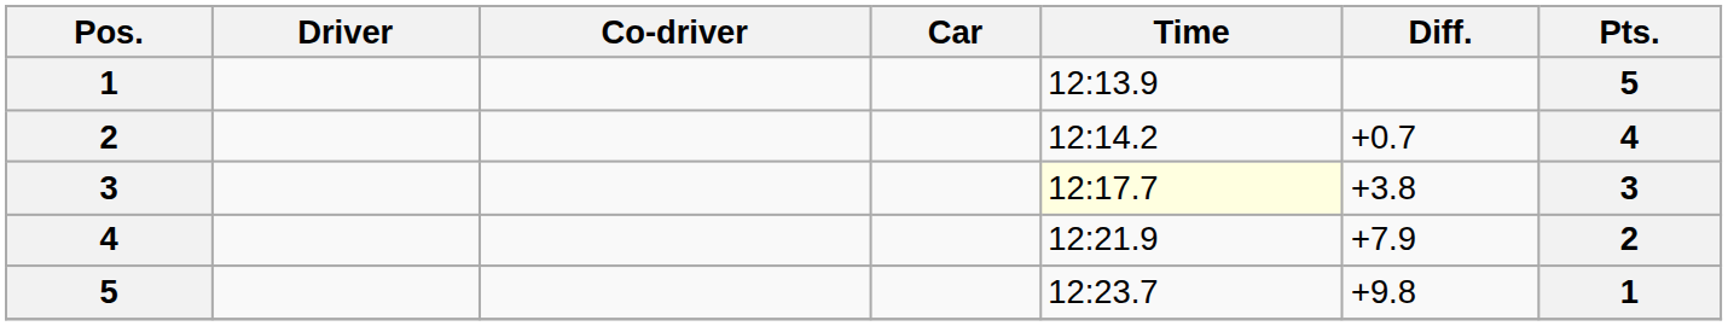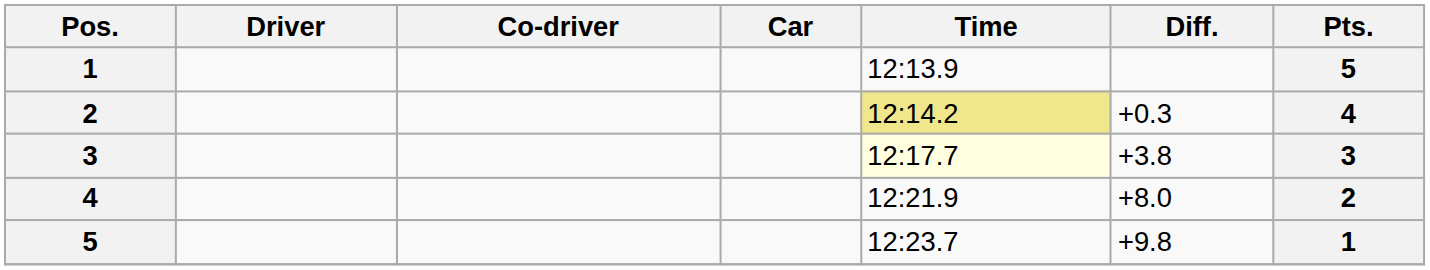 <table class="wikitable" width=80% style="font-size: 85%;">
 <tr>
 <th>Pos.</th>
 <th>Driver</th>
 <th>Co-driver</th>
 <th>Car</th>
 <th>Time</th>
 <th>Diff.</th>
 <th>Pts.</th>
 </tr>
 <tr>
 <th>1</th>
 <td></td>
 <td></td>
 <td></td>
 <td>12:13.9</td>
 <td></td>
 <th>5</th>
 </tr>
 <tr>
 <th>2</th>
 <td></td>
 <td></td>
 <td></td>
-<td>12:14.2</td>
-<td>+0.7</td>
+<td style="background: khaki;">12:14.2</td>
+<td>+0.3</td>
 <th>4</th>
 </tr>
 <tr>
 <th>3</th>
 <td></td>
 <td></td>
 <td></td>
 <td style="background: lightyellow;">12:17.7</td>
 <td>+3.8</td>
 <th>3</th>
 </tr>
 <tr>
 <th>4</th>
 <td></td>
 <td></td>
 <td></td>
 <td>12:21.9</td>
-<td>+7.9</td>
+<td>+8.0</td>
 <th>2</th>
 </tr>
 <tr>
 <th>5</th>
 <td></td>
 <td></td>
 <td></td>
 <td>12:23.7</td>
 <td>+9.8</td>
 <th>1</th>
 </tr>
 <tr>
 </tr>
 </table>
